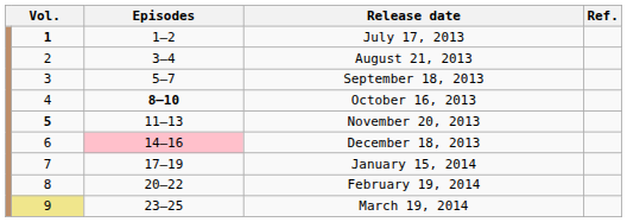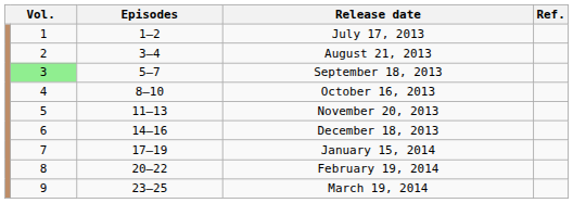 <table class="wikitable" style="text-align: center; width: 70%;">
 <tr>
 <th colspan="2">Vol.</th>
 <th>Episodes</th>
 <th scope="column">Release date</th>
 <th width="5%">Ref.</th>
 </tr>
 <tr>
 <td rowspan="10" width="1%" style="background: #BD8D68;"></td>
-<td><strong>1</strong></td>
+<td>1</td>
 <td>1–2</td>
 <td>July 17, 2013</td>
 <td></td>
 </tr>
 <tr>
 <td>2</td>
 <td>3–4</td>
 <td>August 21, 2013</td>
 <td></td>
 </tr>
 <tr>
-<td>3</td>
+<td style="background: lightgreen;">3</td>
 <td>5–7</td>
 <td>September 18, 2013</td>
 <td></td>
 </tr>
 <tr>
 <td>4</td>
-<td><strong>8–10</strong></td>
+<td>8–10</td>
 <td>October 16, 2013</td>
 <td></td>
 </tr>
 <tr>
-<td><strong>5</strong></td>
+<td>5</td>
 <td>11–13</td>
 <td>November 20, 2013</td>
 <td></td>
 </tr>
 <tr>
 <td>6</td>
-<td style="background: pink;">14–16</td>
+<td>14–16</td>
 <td>December 18, 2013</td>
 <td></td>
 </tr>
 <tr>
 <td>7</td>
 <td>17–19</td>
 <td>January 15, 2014</td>
 <td></td>
 </tr>
 <tr>
 <td>8</td>
 <td>20–22</td>
 <td>February 19, 2014</td>
 <td></td>
 </tr>
 <tr>
-<td style="background: khaki;">9</td>
+<td>9</td>
 <td>23–25</td>
 <td>March 19, 2014</td>
 <td></td>
 </tr>
 </table>
